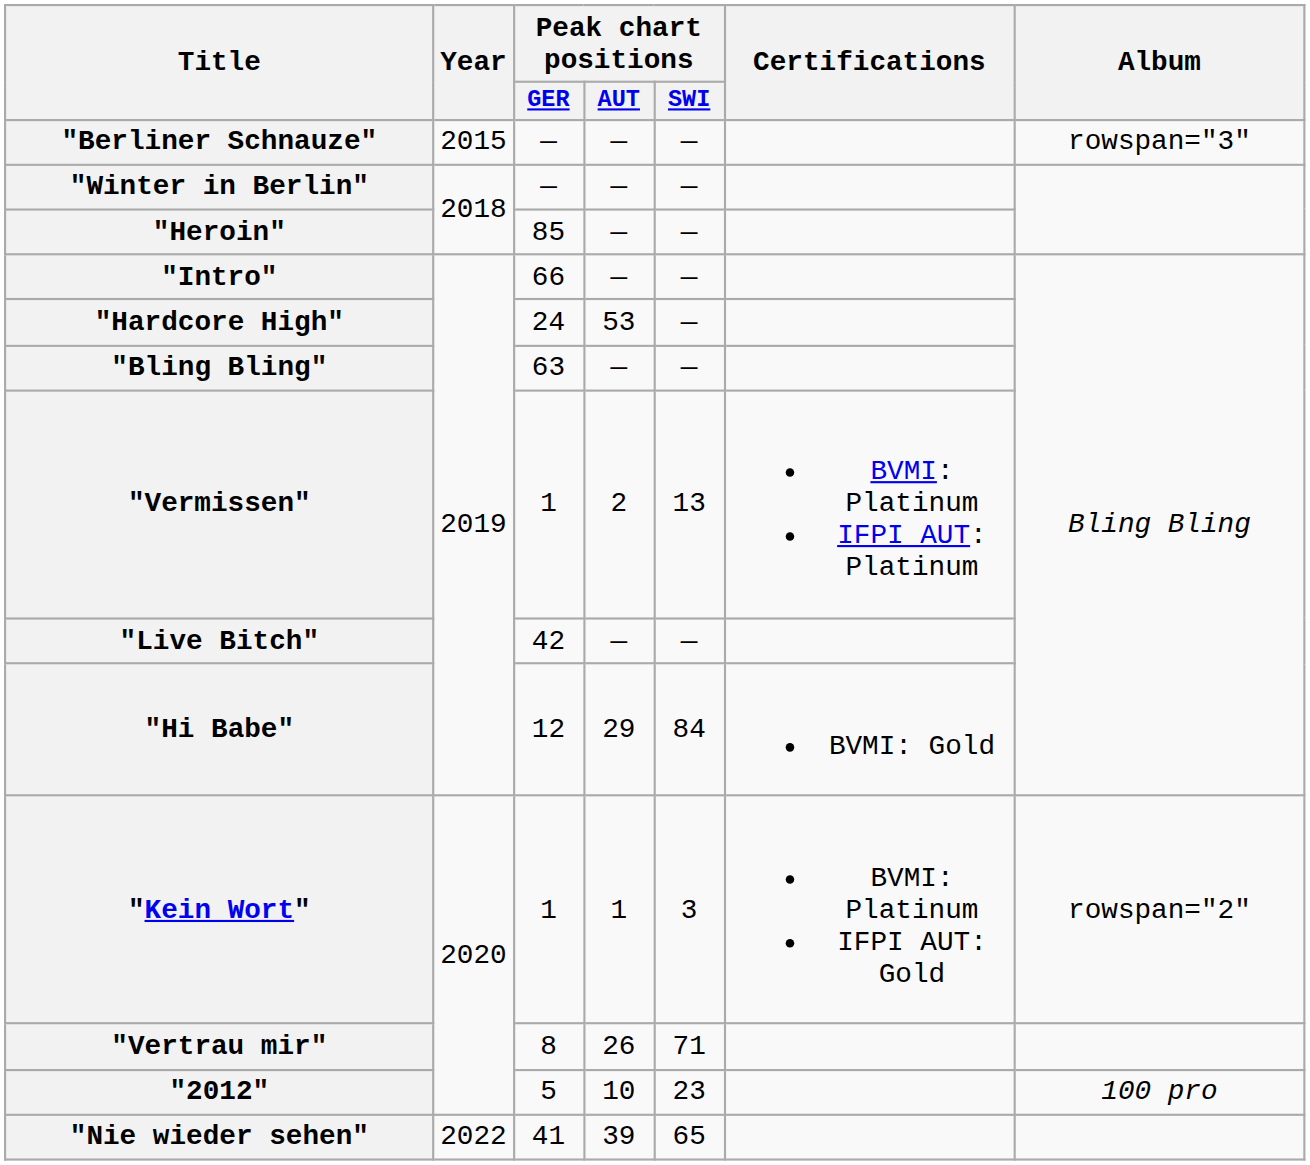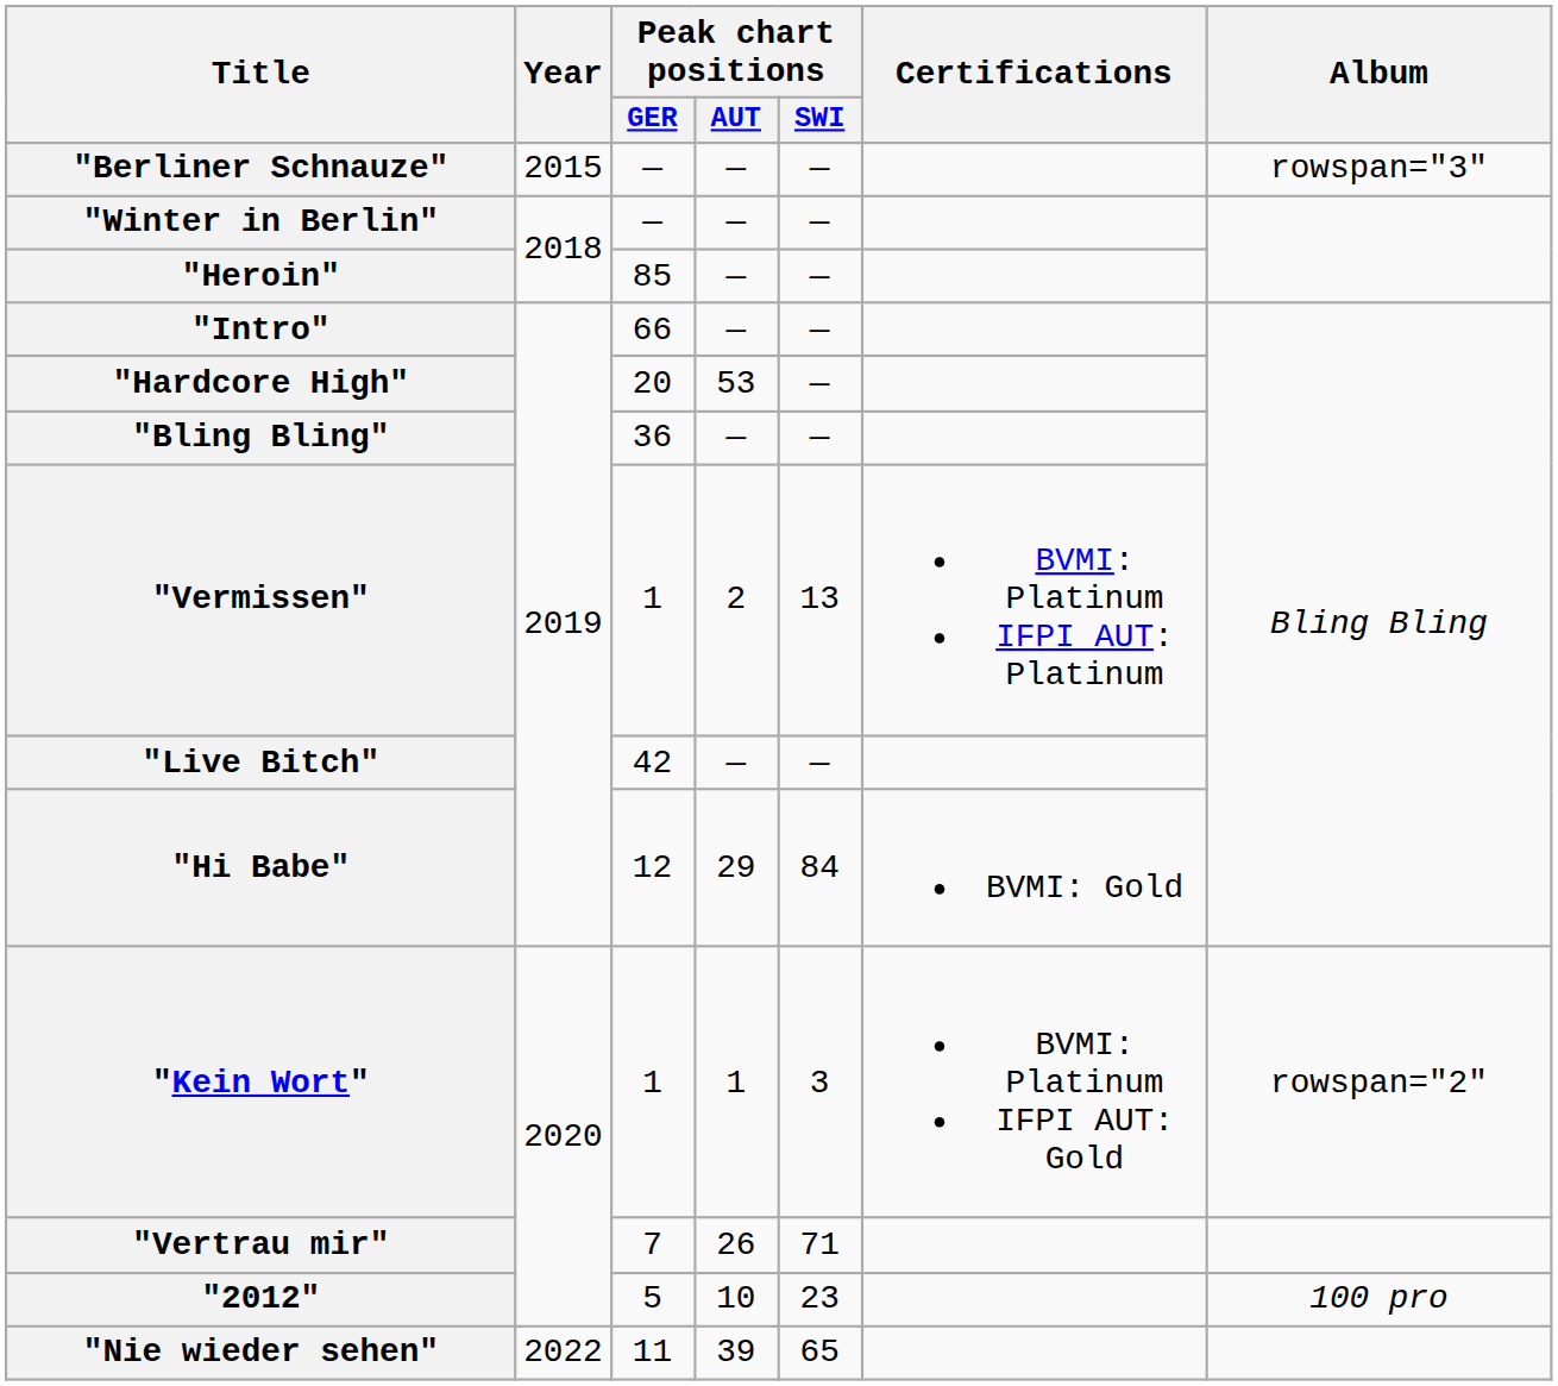 <table class="wikitable plainrowheaders" style="text-align:center;">
 <tr>
 <th scope="col" rowspan="2" style="width:15em;">Title</th>
 <th scope="col" rowspan="2" style="width:1em;">Year</th>
 <th scope="col" colspan="3">Peak chart positions</th>
 <th scope="col" rowspan="2" style="width:10em;">Certifications</th>
 <th scope="col" rowspan="2" style="width:10em;">Album</th>
 </tr>
 <tr>
 <th style="width:2.5em; font-size:85%"><a href='#'>GER</a><br></th>
 <th style="width:2.5em; font-size:85%"><a href='#'>AUT</a><br></th>
 <th style="width:2.5em; font-size:85%"><a href='#'>SWI</a><br></th>
 </tr>
 <tr>
 <th scope="row">"Berliner Schnauze"<br></th>
 <td>2015</td>
 <td>—</td>
 <td>—</td>
 <td>—</td>
 <td></td>
 <td>rowspan="3" </td>
 </tr>
 <tr>
 <th scope="row">"Winter in Berlin"</th>
 <td rowspan="2">2018</td>
 <td>—</td>
 <td>—</td>
 <td>—</td>
 <td></td>
 </tr>
 <tr>
 <th scope="row">"Heroin" <br></th>
 <td>85</td>
 <td>—</td>
 <td>—</td>
 <td></td>
 </tr>
 <tr>
 <th scope="row">"Intro"</th>
 <td rowspan="6">2019</td>
 <td>66</td>
 <td>—</td>
 <td>—</td>
 <td></td>
 <td rowspan="6"><em>Bling Bling</em></td>
 </tr>
 <tr>
 <th scope="row">"Hardcore High"</th>
-<td>24</td>
+<td>20</td>
 <td>53</td>
 <td>—</td>
 <td></td>
 </tr>
 <tr>
 <th scope="row">"Bling Bling"</th>
-<td>63</td>
+<td>36</td>
 <td>—</td>
 <td>—</td>
 <td></td>
 </tr>
 <tr>
 <th scope="row">"Vermissen" <br></th>
 <td>1</td>
 <td>2</td>
 <td>13</td>
 <td><br><ul><li><a href='#'>BVMI</a>: Platinum</li><li><a href='#'>IFPI AUT</a>: Platinum</li></ul></td>
 </tr>
 <tr>
 <th scope="row">"Live Bitch"</th>
 <td>42</td>
 <td>—</td>
 <td>—</td>
 <td></td>
 </tr>
 <tr>
 <th scope="row">"Hi Babe"</th>
 <td>12</td>
 <td>29</td>
 <td>84</td>
 <td><br><ul><li>BVMI: Gold</li></ul></td>
 </tr>
 <tr>
 <th scope="row">"<a href='#'>Kein Wort</a>" <br></th>
 <td rowspan="3">2020</td>
 <td>1</td>
 <td>1</td>
 <td>3</td>
 <td><br><ul><li>BVMI: Platinum</li><li>IFPI AUT: Gold</li></ul></td>
 <td>rowspan="2" </td>
 </tr>
 <tr>
 <th scope="row">"Vertrau mir"</th>
-<td>8</td>
+<td>7</td>
 <td>26</td>
 <td>71</td>
 <td></td>
 </tr>
 <tr>
 <th scope="row">"2012" <br></th>
 <td>5</td>
 <td>10</td>
 <td>23</td>
 <td></td>
 <td><em>100 pro</em></td>
 </tr>
 <tr>
 <th scope="row">"Nie wieder sehen"</th>
 <td>2022</td>
-<td>41</td>
+<td>11</td>
 <td>39</td>
 <td>65</td>
 <td></td>
 <td></td>
 </tr>
 </table>
